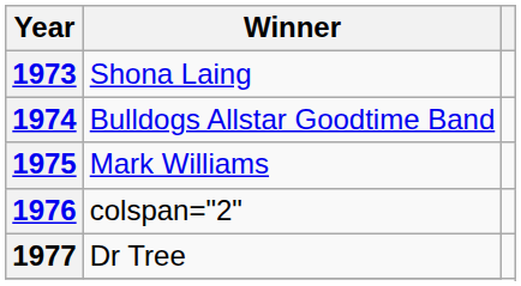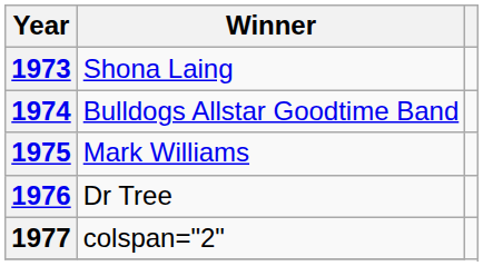 <table class="wikitable">
 <tr>
 <th scope="col">Year</th>
 <th scope="col">Winner</th>
 <th scope="col"></th>
 </tr>
 <tr>
 <th scope="row"><a href='#'>1973</a></th>
 <td><a href='#'>Shona Laing</a></td>
 <td align="center"></td>
 </tr>
 <tr>
 <th scope="row"><a href='#'>1974</a></th>
 <td><a href='#'>Bulldogs Allstar Goodtime Band</a></td>
 <td align="center"></td>
 </tr>
 <tr>
 <th scope="row"><a href='#'>1975</a></th>
 <td><a href='#'>Mark Williams</a></td>
 <td align="center"></td>
 </tr>
 <tr>
 <th scope="row"><a href='#'>1976</a></th>
-<td>colspan="2" </td>
+<td>Dr Tree</td>
 <td align="center"></td>
 </tr>
 <tr>
 <th scope="row">1977</th>
-<td>Dr Tree</td>
+<td>colspan="2" </td>
 </tr>
 <tr>
 </tr>
 </table>
